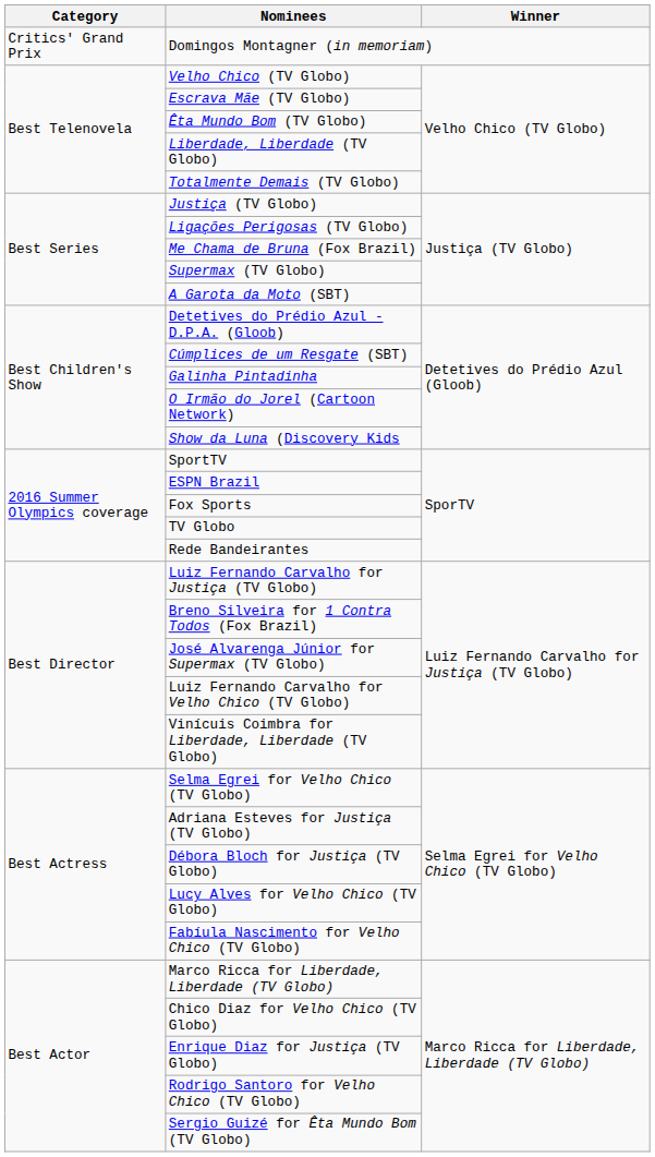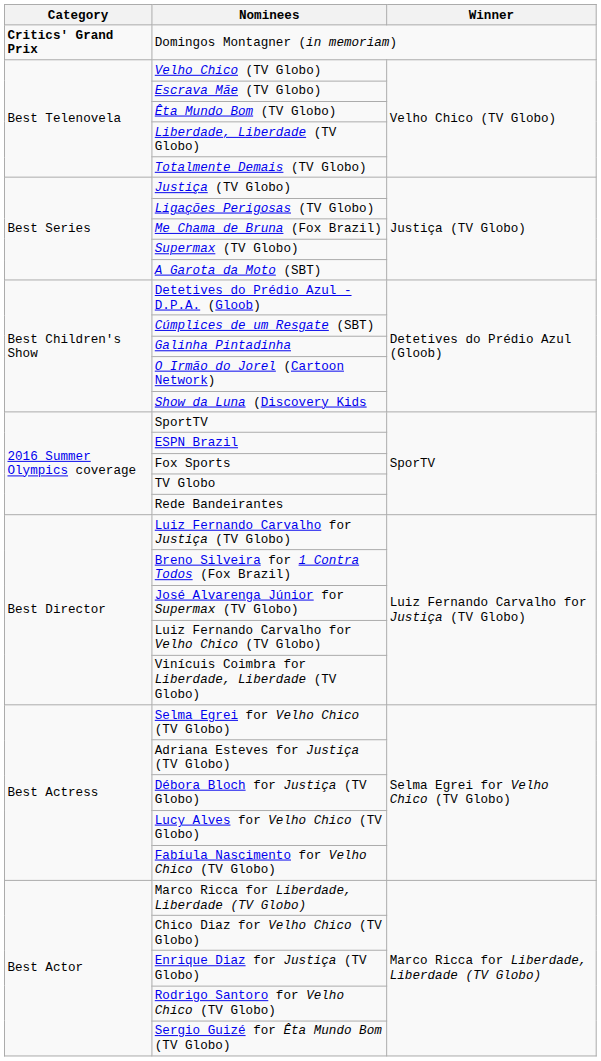 <table class="wikitable">
 <tr>
 <th>Category</th>
 <th>Nominees</th>
 <th>Winner</th>
 </tr>
 <tr>
-<td>Critics' Grand Prix</td>
+<td><strong>Critics' Grand Prix</strong></td>
 <td colspan="2">Domingos Montagner (<em>in memoriam</em>)</td>
 </tr>
 <tr>
 <td rowspan="5">Best Telenovela</td>
 <td><em><a href='#'>Velho Chico</a></em> (TV Globo)</td>
 <td rowspan="5">Velho Chico (TV Globo)</td>
 </tr>
 <tr>
 <td><em><a href='#'>Escrava Mãe</a></em> (TV Globo)</td>
 </tr>
 <tr>
 <td><em><a href='#'>Êta Mundo Bom</a></em> (TV Globo)</td>
 </tr>
 <tr>
 <td><em><a href='#'>Liberdade, Liberdade</a></em> (TV Globo)</td>
 </tr>
 <tr>
 <td><em><a href='#'>Totalmente Demais</a></em> (TV Globo)</td>
 </tr>
 <tr>
 <td rowspan="5">Best Series</td>
 <td><em><a href='#'>Justiça</a></em> (TV Globo)</td>
 <td rowspan="5">Justiça (TV Globo)</td>
 </tr>
 <tr>
 <td><em><a href='#'>Ligações Perigosas</a></em> (TV Globo)</td>
 </tr>
 <tr>
 <td><em><a href='#'>Me Chama de Bruna</a></em> (Fox Brazil)</td>
 </tr>
 <tr>
 <td><a href='#'><em>Supermax</em></a> (TV Globo)</td>
 </tr>
 <tr>
 <td><em><a href='#'>A Garota da Moto</a></em> (SBT)</td>
 </tr>
 <tr>
 <td rowspan="5">Best Children's Show</td>
 <td><a href='#'>Detetives do Prédio Azul - D.P.A.</a> (<a href='#'>Gloob</a>)</td>
 <td rowspan="5">Detetives do Prédio Azul (Gloob)</td>
 </tr>
 <tr>
 <td><em><a href='#'>Cúmplices de um Resgate</a></em> (SBT)</td>
 </tr>
 <tr>
 <td><em><a href='#'>Galinha Pintadinha</a></em></td>
 </tr>
 <tr>
 <td><em><a href='#'>O Irmão do Jorel</a></em> (<a href='#'>Cartoon Network</a>)</td>
 </tr>
 <tr>
 <td><em><a href='#'>Show da Luna</a></em> (<a href='#'>Discovery Kids</a></td>
 </tr>
 <tr>
 <td rowspan="5"><a href='#'>2016 Summer Olympics</a> coverage</td>
 <td>SportTV</td>
 <td rowspan="5">SporTV</td>
 </tr>
 <tr>
 <td><a href='#'>ESPN Brazil</a></td>
 </tr>
 <tr>
 <td>Fox Sports</td>
 </tr>
 <tr>
 <td>TV Globo</td>
 </tr>
 <tr>
 <td>Rede Bandeirantes</td>
 </tr>
 <tr>
 <td rowspan="5">Best Director</td>
 <td><a href='#'>Luiz Fernando Carvalho</a> for <em>Justiça</em> (TV Globo)</td>
 <td rowspan="5">Luiz Fernando Carvalho for <em>Justiça</em> (TV Globo)</td>
 </tr>
 <tr>
 <td><a href='#'>Breno Silveira</a> for <em><a href='#'>1 Contra Todos</a></em> (Fox Brazil)</td>
 </tr>
 <tr>
 <td><a href='#'>José Alvarenga Júnior</a> for <em>Supermax</em> (TV Globo)</td>
 </tr>
 <tr>
 <td>Luiz Fernando Carvalho for <em>Velho Chico</em> (TV Globo)</td>
 </tr>
 <tr>
 <td>Vinícuis Coimbra for <em>Liberdade, Liberdade</em> (TV Globo)</td>
 </tr>
 <tr>
 <td rowspan="5">Best Actress</td>
 <td><a href='#'>Selma Egrei</a> for <em>Velho Chico</em> (TV Globo)</td>
 <td rowspan="5">Selma Egrei for <em>Velho Chico</em> (TV Globo)</td>
 </tr>
 <tr>
 <td>Adriana Esteves for <em>Justiça</em> (TV Globo)</td>
 </tr>
 <tr>
 <td><a href='#'>Débora Bloch</a> for <em>Justiça</em> (TV Globo)</td>
 </tr>
 <tr>
 <td><a href='#'>Lucy Alves</a> for <em>Velho Chico</em> (TV Globo)</td>
 </tr>
 <tr>
 <td><a href='#'>Fabíula Nascimento</a> for <em>Velho Chico</em> (TV Globo)</td>
 </tr>
 <tr>
 <td rowspan="5">Best Actor</td>
 <td>Marco Ricca for <em>Liberdade, Liberdade (TV Globo)</em></td>
 <td rowspan="5">Marco Ricca for <em>Liberdade, Liberdade (TV Globo)</em></td>
 </tr>
 <tr>
 <td>Chico Diaz for <em>Velho Chico</em> (TV Globo)</td>
 </tr>
 <tr>
 <td><a href='#'>Enrique Diaz</a> for <em>Justiça</em> (TV Globo)</td>
 </tr>
 <tr>
 <td><a href='#'>Rodrigo Santoro</a> for <em>Velho Chico</em> (TV Globo)</td>
 </tr>
 <tr>
 <td><a href='#'>Sergio Guizé</a> for <em>Êta Mundo Bom</em> (TV Globo)</td>
 </tr>
 </table>
